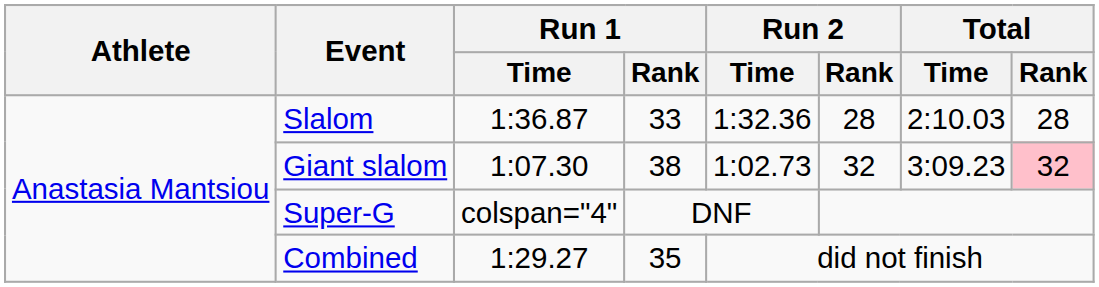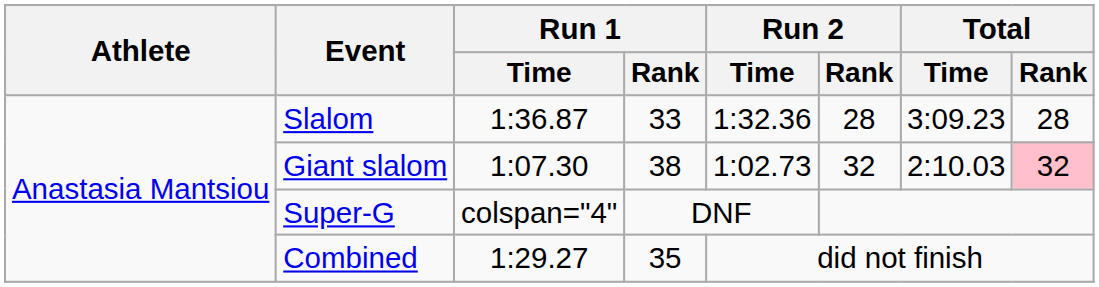 <table class="wikitable" style="font-size:90%">
 <tr>
 <th rowspan=2>Athlete</th>
 <th rowspan=2>Event</th>
 <th colspan=2>Run 1</th>
 <th colspan=2>Run 2</th>
 <th colspan=2>Total</th>
 </tr>
 <tr style="font-size:95%">
 <th>Time</th>
 <th>Rank</th>
 <th>Time</th>
 <th>Rank</th>
 <th>Time</th>
 <th>Rank</th>
 </tr>
 <tr align=center>
 <td align="left" rowspan="4"><a href='#'>Anastasia Mantsiou</a></td>
 <td align="left"><a href='#'>Slalom</a></td>
 <td>1:36.87</td>
 <td>33</td>
 <td>1:32.36</td>
 <td>28</td>
-<td>2:10.03</td>
+<td>3:09.23</td>
 <td>28</td>
 </tr>
 <tr align=center>
 <td align="left"><a href='#'>Giant slalom</a></td>
 <td>1:07.30</td>
 <td>38</td>
 <td>1:02.73</td>
 <td>32</td>
-<td>3:09.23</td>
+<td>2:10.03</td>
 <td style="background: pink;">32</td>
 </tr>
 <tr align=center>
 <td align="left"><a href='#'>Super-G</a></td>
 <td>colspan="4" </td>
 <td colspan=2>DNF</td>
 </tr>
 <tr align=center>
 <td align="left"><a href='#'>Combined</a></td>
 <td>1:29.27</td>
 <td>35</td>
 <td colspan=4>did not finish</td>
 </tr>
 </table>
